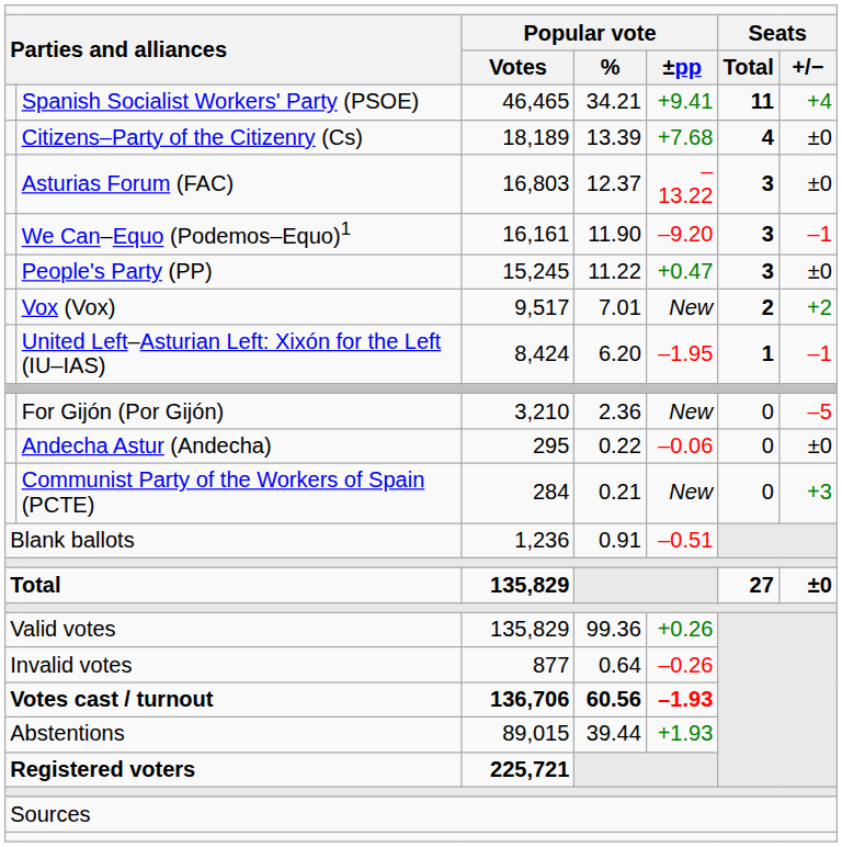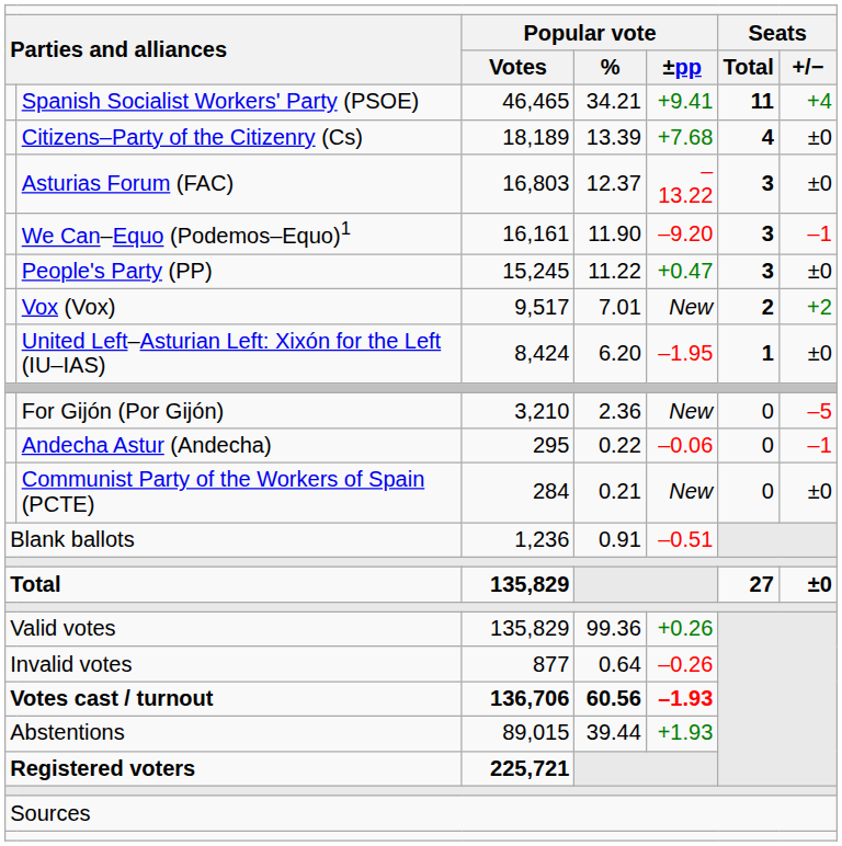 <table class="wikitable" style="text-align:right;">
 <tr>
 <td colspan="7"></td>
 </tr>
 <tr>
 <th style="text-align:left;" rowspan="2" colspan="2" width="525">Parties and alliances</th>
 <th colspan="3">Popular vote</th>
 <th colspan="2">Seats</th>
 </tr>
 <tr>
 <th width="75">Votes</th>
 <th width="45">%</th>
 <th width="45">±<a href='#'>pp</a></th>
 <th width="35">Total</th>
 <th width="35">+/−</th>
 </tr>
 <tr>
 <td width="1" style="color:inherit;background:"></td>
 <td align="left"><a href='#'>Spanish Socialist Workers' Party</a> (PSOE)</td>
 <td>46,465</td>
 <td>34.21</td>
 <td style="color:green;">+9.41</td>
 <td><strong>11</strong></td>
 <td style="color:green;">+4</td>
 </tr>
 <tr>
 <td style="color:inherit;background:"></td>
 <td align="left"><a href='#'>Citizens–Party of the Citizenry</a> (Cs)</td>
 <td>18,189</td>
 <td>13.39</td>
 <td style="color:green;">+7.68</td>
 <td><strong>4</strong></td>
 <td>±0</td>
 </tr>
 <tr>
 <td style="color:inherit;background:"></td>
 <td align="left"><a href='#'>Asturias Forum</a> (FAC)</td>
 <td>16,803</td>
 <td>12.37</td>
 <td style="color:red;">–13.22</td>
 <td><strong>3</strong></td>
 <td>±0</td>
 </tr>
 <tr>
 <td style="color:inherit;background:"></td>
 <td align="left"><a href='#'>We Can</a>–<a href='#'>Equo</a> (Podemos–Equo)<sup>1</sup></td>
 <td>16,161</td>
 <td>11.90</td>
 <td style="color:red;">–9.20</td>
 <td><strong>3</strong></td>
 <td style="color:red;">–1</td>
 </tr>
 <tr>
 <td style="color:inherit;background:"></td>
 <td align="left"><a href='#'>People's Party</a> (PP)</td>
 <td>15,245</td>
 <td>11.22</td>
 <td style="color:green;">+0.47</td>
 <td><strong>3</strong></td>
 <td>±0</td>
 </tr>
 <tr>
 <td style="color:inherit;background:"></td>
 <td align="left"><a href='#'>Vox</a> (Vox)</td>
 <td>9,517</td>
 <td>7.01</td>
 <td><em>New</em></td>
 <td><strong>2</strong></td>
 <td style="color:green;">+2</td>
 </tr>
 <tr>
 <td style="color:inherit;background:"></td>
 <td align="left"><a href='#'>United Left</a>–<a href='#'>Asturian Left: Xixón for the Left</a> (IU–IAS)</td>
 <td>8,424</td>
 <td>6.20</td>
 <td style="color:red;">–1.95</td>
 <td><strong>1</strong></td>
-<td style="color:red;">–1</td>
+<td>±0</td>
 </tr>
 <tr>
 <td colspan="7" style="color:inherit;background:#C0C0C0"></td>
 </tr>
 <tr>
 <td style="color:inherit;background:"></td>
 <td align="left">For Gijón (Por Gijón)</td>
 <td>3,210</td>
 <td>2.36</td>
 <td><em>New</em></td>
 <td>0</td>
 <td style="color:red;">–5</td>
 </tr>
 <tr>
 <td style="color:inherit;background:"></td>
 <td align="left"><a href='#'>Andecha Astur</a> (Andecha)</td>
 <td>295</td>
 <td>0.22</td>
 <td style="color:red;">–0.06</td>
 <td>0</td>
-<td>±0</td>
+<td style="color:red;">–1</td>
 </tr>
 <tr>
 <td style="color:inherit;background:"></td>
 <td align="left"><a href='#'>Communist Party of the Workers of Spain</a> (PCTE)</td>
 <td>284</td>
 <td>0.21</td>
 <td><em>New</em></td>
 <td>0</td>
-<td style="color:green;">+3</td>
+<td>±0</td>
 </tr>
 <tr>
 <td align="left" colspan="2">Blank ballots</td>
 <td>1,236</td>
 <td>0.91</td>
 <td style="color:red;">–0.51</td>
 <td style="color:inherit;background:#E9E9E9" colspan="2"></td>
 </tr>
 <tr>
 <td colspan="7" style="color:inherit;background:#E9E9E9"></td>
 </tr>
 <tr style="font-weight:bold;">
 <td align="left" colspan="2">Total</td>
 <td>135,829</td>
 <td bgcolor="#E9E9E9" colspan="2"></td>
 <td>27</td>
 <td>±0</td>
 </tr>
 <tr>
 <td colspan="7" style="color:inherit;background:#E9E9E9"></td>
 </tr>
 <tr>
 <td align="left" colspan="2">Valid votes</td>
 <td>135,829</td>
 <td>99.36</td>
 <td style="color:green;">+0.26</td>
 <td bgcolor="#E9E9E9" colspan="2" rowspan="5"></td>
 </tr>
 <tr>
 <td align="left" colspan="2">Invalid votes</td>
 <td>877</td>
 <td>0.64</td>
 <td style="color:red;">–0.26</td>
 </tr>
 <tr style="font-weight:bold;">
 <td align="left" colspan="2">Votes cast / turnout</td>
 <td>136,706</td>
 <td>60.56</td>
 <td style="color:red;">–1.93</td>
 </tr>
 <tr>
 <td align="left" colspan="2">Abstentions</td>
 <td>89,015</td>
 <td>39.44</td>
 <td style="color:green;">+1.93</td>
 </tr>
 <tr style="font-weight:bold;">
 <td align="left" colspan="2">Registered voters</td>
 <td>225,721</td>
 <td bgcolor="#E9E9E9" colspan="2"></td>
 </tr>
 <tr>
 <td colspan="7" style="color:inherit;background:#E9E9E9"></td>
 </tr>
 <tr>
 <td align="left" colspan="7">Sources</td>
 </tr>
 <tr>
 <td colspan="7" style="text-align:left; max-width:790px;"></td>
 </tr>
 </table>
